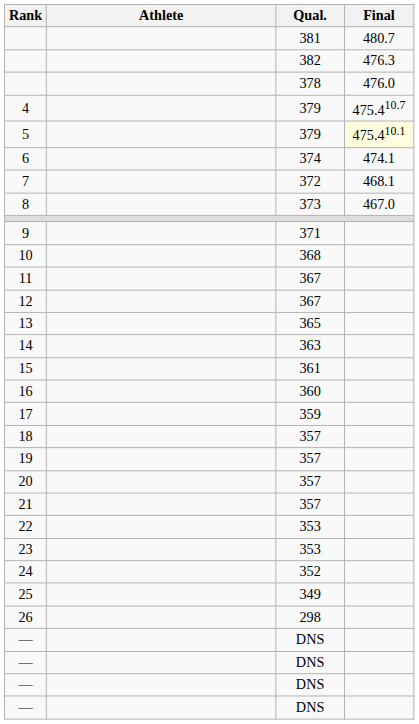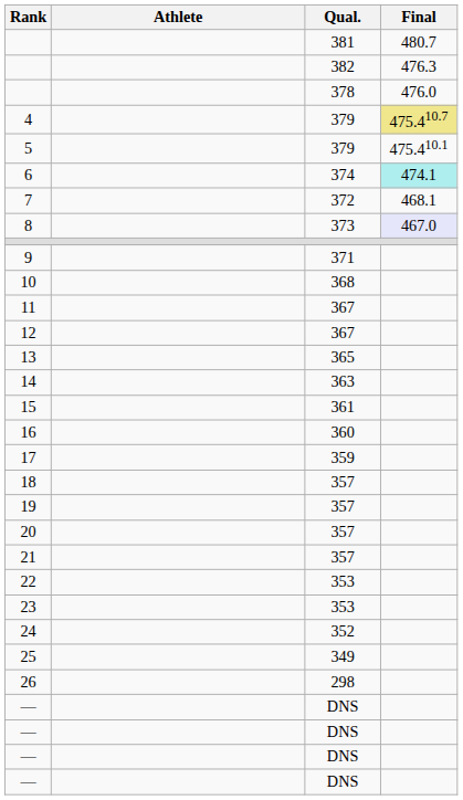 <table class="wikitable" style="text-align:center">
 <tr>
 <th width=40>Rank</th>
 <th width=250>Athlete</th>
 <th width=70>Qual.</th>
 <th width=70>Final</th>
 </tr>
 <tr>
 <td></td>
 <td align=left></td>
 <td>381</td>
 <td>480.7</td>
 </tr>
 <tr>
 <td></td>
 <td align=left></td>
 <td>382</td>
 <td>476.3</td>
 </tr>
 <tr>
 <td></td>
 <td align=left></td>
 <td>378</td>
 <td>476.0</td>
 </tr>
 <tr>
 <td>4</td>
 <td align=left></td>
 <td>379</td>
-<td>475.4<sup>10.7</sup></td>
+<td style="background: khaki;">475.4<sup>10.7</sup></td>
 </tr>
 <tr>
 <td>5</td>
 <td align=left></td>
 <td>379</td>
-<td style="background: lightyellow;">475.4<sup>10.1</sup></td>
+<td>475.4<sup>10.1</sup></td>
 </tr>
 <tr>
 <td>6</td>
 <td align=left></td>
 <td>374</td>
-<td>474.1</td>
+<td style="background: paleturquoise;">474.1</td>
 </tr>
 <tr>
 <td>7</td>
 <td align=left></td>
 <td>372</td>
 <td>468.1</td>
 </tr>
 <tr>
 <td>8</td>
 <td align=left></td>
 <td>373</td>
-<td>467.0</td>
+<td style="background: lavender;">467.0</td>
 </tr>
 <tr bgcolor=#DDDDDD>
 <td colspan=4></td>
 </tr>
 <tr>
 <td>9</td>
 <td align=left></td>
 <td>371</td>
 <td></td>
 </tr>
 <tr>
 <td>10</td>
 <td align=left></td>
 <td>368</td>
 <td></td>
 </tr>
 <tr>
 <td>11</td>
 <td align=left></td>
 <td>367</td>
 <td></td>
 </tr>
 <tr>
 <td>12</td>
 <td align=left></td>
 <td>367</td>
 <td></td>
 </tr>
 <tr>
 <td>13</td>
 <td align=left></td>
 <td>365</td>
 <td></td>
 </tr>
 <tr>
 <td>14</td>
 <td align=left></td>
 <td>363</td>
 <td></td>
 </tr>
 <tr>
 <td>15</td>
 <td align=left></td>
 <td>361</td>
 <td></td>
 </tr>
 <tr>
 <td>16</td>
 <td align=left></td>
 <td>360</td>
 <td></td>
 </tr>
 <tr>
 <td>17</td>
 <td align=left></td>
 <td>359</td>
 <td></td>
 </tr>
 <tr>
 <td>18</td>
 <td align=left></td>
 <td>357</td>
 <td></td>
 </tr>
 <tr>
 <td>19</td>
 <td align=left></td>
 <td>357</td>
 <td></td>
 </tr>
 <tr>
 <td>20</td>
 <td align=left></td>
 <td>357</td>
 <td></td>
 </tr>
 <tr>
 <td>21</td>
 <td align=left></td>
 <td>357</td>
 <td></td>
 </tr>
 <tr>
 <td>22</td>
 <td align=left></td>
 <td>353</td>
 <td></td>
 </tr>
 <tr>
 <td>23</td>
 <td align=left></td>
 <td>353</td>
 <td></td>
 </tr>
 <tr>
 <td>24</td>
 <td align=left></td>
 <td>352</td>
 <td></td>
 </tr>
 <tr>
 <td>25</td>
 <td align=left></td>
 <td>349</td>
 <td></td>
 </tr>
 <tr>
 <td>26</td>
 <td align=left></td>
 <td>298</td>
 <td></td>
 </tr>
 <tr>
 <td>—</td>
 <td align=left></td>
 <td>DNS</td>
 <td></td>
 </tr>
 <tr>
 <td>—</td>
 <td align=left></td>
 <td>DNS</td>
 <td></td>
 </tr>
 <tr>
 <td>—</td>
 <td align=left></td>
 <td>DNS</td>
 <td></td>
 </tr>
 <tr>
 <td>—</td>
 <td align=left></td>
 <td>DNS</td>
 <td></td>
 </tr>
 </table>
